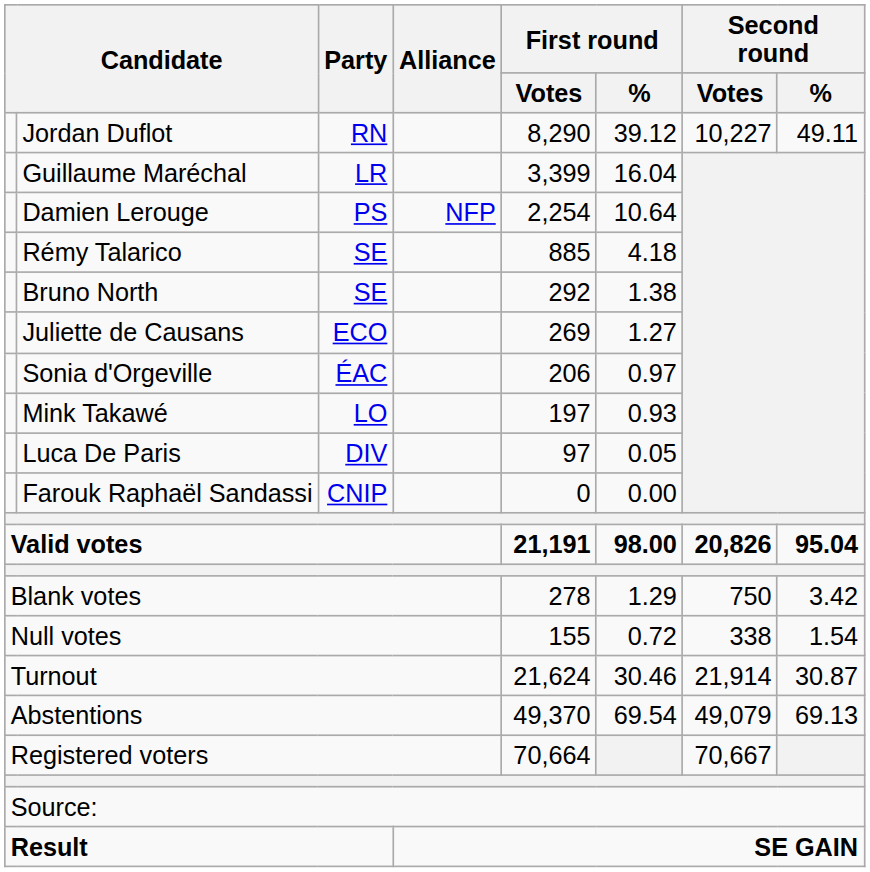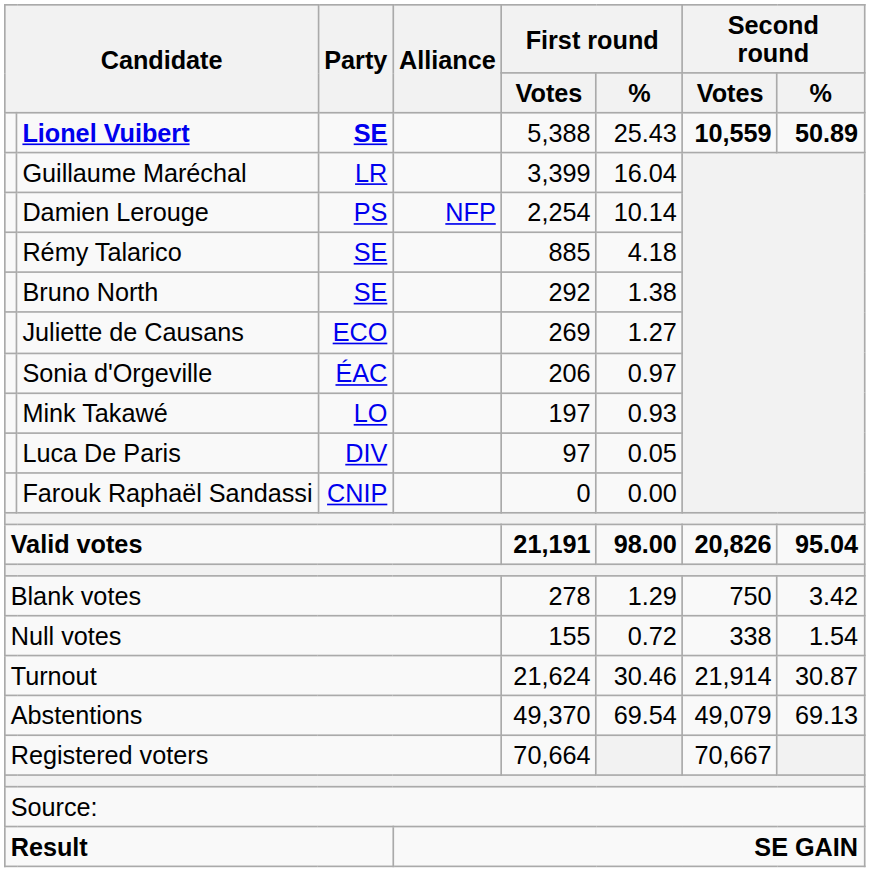 <table class="wikitable" style="text-align:right;font-size:95%;">
 <tr>
 <th colspan="2" rowspan="2">Candidate</th>
 <th colspan="1" rowspan="2">Party</th>
 <th colspan="1" rowspan="2">Alliance</th>
 <th colspan="2">First round</th>
 <th colspan="2">Second round</th>
 </tr>
 <tr>
 <th style="width:50px;">Votes</th>
 <th style="width:45px;">%</th>
 <th style="width:50px;">Votes</th>
 <th style="width:45px;">%</th>
 </tr>
 <tr>
 <td style="color:inherit;background:"></td>
-<td style="text-align:left;">Jordan Duflot</td>
-<td><a href='#'>RN</a></td>
+<td style="text-align:left;"><strong><a href='#'>Lionel Vuibert</a></strong></td>
+<td><a href='#'><strong>SE</strong></a></td>
 <td></td>
-<td>8,290</td>
-<td>39.12</td>
-<td>10,227</td>
-<td>49.11</td>
+<td>5,388</td>
+<td>25.43</td>
+<td><strong>10,559</strong></td>
+<td><strong>50.89</strong></td>
 </tr>
 <tr>
 <td style="color:inherit;background:"></td>
 <td style="text-align:left;">Guillaume Maréchal</td>
 <td><a href='#'>LR</a></td>
 <td></td>
 <td>3,399</td>
 <td>16.04</td>
 <th colspan="2" rowspan="9"></th>
 </tr>
 <tr>
 <td style="color:inherit;background:"></td>
 <td style="text-align:left;">Damien Lerouge</td>
 <td><a href='#'>PS</a></td>
 <td><a href='#'>NFP</a></td>
 <td>2,254</td>
-<td>10.64</td>
+<td>10.14</td>
 </tr>
 <tr>
 <td style="color:inherit;background:"></td>
 <td style="text-align:left;">Rémy Talarico</td>
 <td><a href='#'>SE</a></td>
 <td></td>
 <td>885</td>
 <td>4.18</td>
 </tr>
 <tr>
 <td style="color:inherit;background:"></td>
 <td style="text-align:left;">Bruno North</td>
 <td><a href='#'>SE</a></td>
 <td></td>
 <td>292</td>
 <td>1.38</td>
 </tr>
 <tr>
 <td style="color:inherit;background:"></td>
 <td style="text-align:left;">Juliette de Causans</td>
 <td><a href='#'>ECO</a></td>
 <td></td>
 <td>269</td>
 <td>1.27</td>
 </tr>
 <tr>
 <td style="color:inherit;background:"></td>
 <td style="text-align:left;">Sonia d'Orgeville</td>
 <td><a href='#'>ÉAC</a></td>
 <td></td>
 <td>206</td>
 <td>0.97</td>
 </tr>
 <tr>
 <td style="color:inherit;background:"></td>
 <td style="text-align:left;">Mink Takawé</td>
 <td><a href='#'>LO</a></td>
 <td></td>
 <td>197</td>
 <td>0.93</td>
 </tr>
 <tr>
 <td style="color:inherit;background:"></td>
 <td style="text-align:left;">Luca De Paris</td>
 <td><a href='#'>DIV</a></td>
 <td></td>
 <td>97</td>
 <td>0.05</td>
 </tr>
 <tr>
 <td style="color:inherit;background:"></td>
 <td style="text-align:left;">Farouk Raphaël Sandassi</td>
 <td><a href='#'>CNIP</a></td>
 <td></td>
 <td>0</td>
 <td>0.00</td>
 </tr>
 <tr>
 <th colspan="8"></th>
 </tr>
 <tr>
 <td colspan="4" style="text-align:left;"><strong>Valid votes</strong></td>
 <td><strong>21,191</strong></td>
 <td><strong>98.00</strong></td>
 <td><strong>20,826</strong></td>
 <td><strong>95.04</strong></td>
 </tr>
 <tr>
 <th colspan="8"></th>
 </tr>
 <tr>
 <td colspan="4" style="text-align:left;">Blank votes</td>
 <td>278</td>
 <td>1.29</td>
 <td>750</td>
 <td>3.42</td>
 </tr>
 <tr>
 <td colspan="4" style="text-align:left;">Null votes</td>
 <td>155</td>
 <td>0.72</td>
 <td>338</td>
 <td>1.54</td>
 </tr>
 <tr>
 <td colspan="4" style="text-align:left;">Turnout</td>
 <td>21,624</td>
 <td>30.46</td>
 <td>21,914</td>
 <td>30.87</td>
 </tr>
 <tr>
 <td colspan="4" style="text-align:left;">Abstentions</td>
 <td>49,370</td>
 <td>69.54</td>
 <td>49,079</td>
 <td>69.13</td>
 </tr>
 <tr>
 <td colspan="4" style="text-align:left;">Registered voters</td>
 <td>70,664</td>
 <th></th>
 <td>70,667</td>
 <th></th>
 </tr>
 <tr>
 <th colspan="8"></th>
 </tr>
 <tr>
 <td colspan="8" style="text-align:left;">Source: </td>
 </tr>
 <tr>
 <td colspan="3" style="text-align:left;"><strong>Result</strong></td>
 <td colspan="5" style="background-color:"><strong>SE GAIN</strong></td>
 </tr>
 </table>
